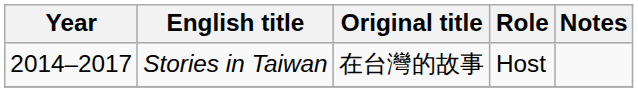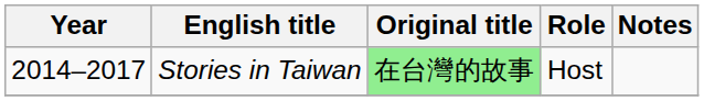 <table class="wikitable sortable">
 <tr>
 <th>Year</th>
 <th>English title</th>
 <th>Original title</th>
 <th>Role</th>
 <th class="unsortable">Notes</th>
 </tr>
 <tr>
 <td>2014–2017</td>
 <td><em>Stories in Taiwan </em></td>
-<td>在台灣的故事</td>
+<td style="background: lightgreen;">在台灣的故事</td>
 <td>Host</td>
 <td></td>
 </tr>
 <tr>
 </tr>
 </table>
